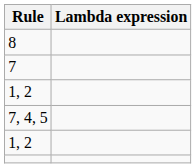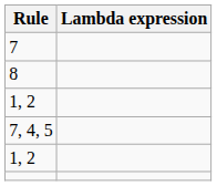 <table class="wikitable mw-collapsible mw-collapsed">
 <tr>
 <th>Rule</th>
 <th>Lambda expression</th>
 </tr>
 <tr>
-<td>8</td>
+<td>7</td>
 <td></td>
 </tr>
 <tr>
-<td>7</td>
+<td>8</td>
 <td></td>
 </tr>
 <tr>
 <td>1, 2</td>
 <td></td>
 </tr>
 <tr>
 <td>7, 4, 5</td>
 <td></td>
 </tr>
 <tr>
 <td>1, 2</td>
 <td></td>
 </tr>
 <tr>
 <td></td>
 <td></td>
 </tr>
 </table>
